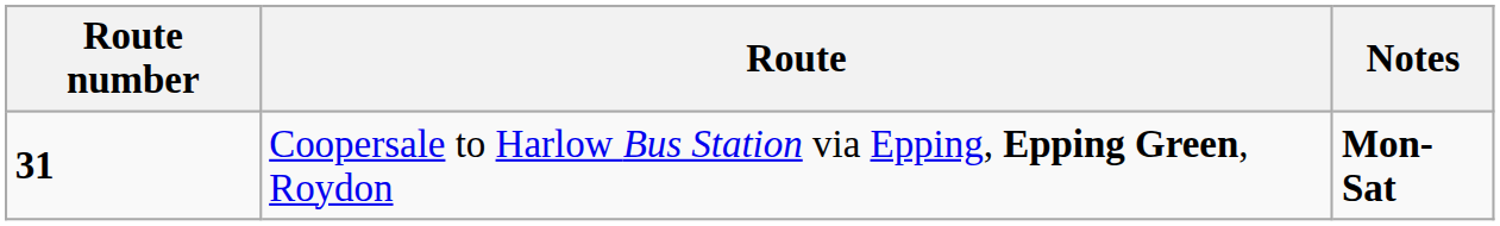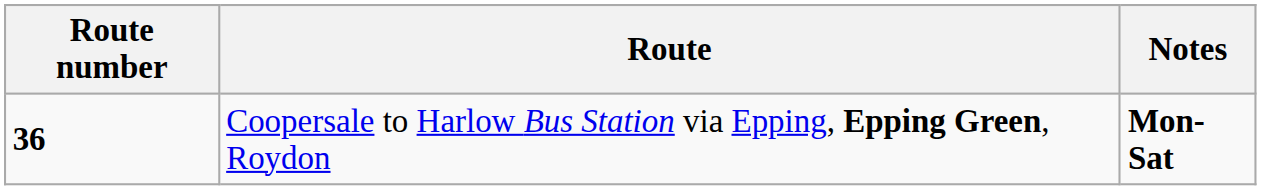 <table class="wikitable">
 <tr>
 <th>Route number</th>
 <th>Route</th>
 <th>Notes</th>
 </tr>
 <tr>
-<td><strong>31</strong> </td>
+<td><strong>36</strong> </td>
 <td><a href='#'>Coopersale</a> to <a href='#'>Harlow <em>Bus Station</em></a> via <a href='#'>Epping</a>, <strong>Epping Green</strong>, <a href='#'>Roydon</a></td>
 <td><strong>Mon-Sat</strong></td>
 </tr>
 </table>
